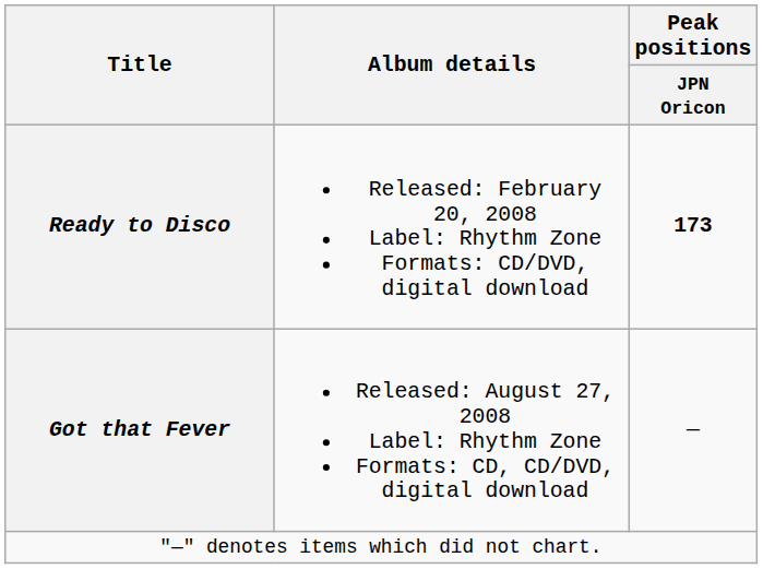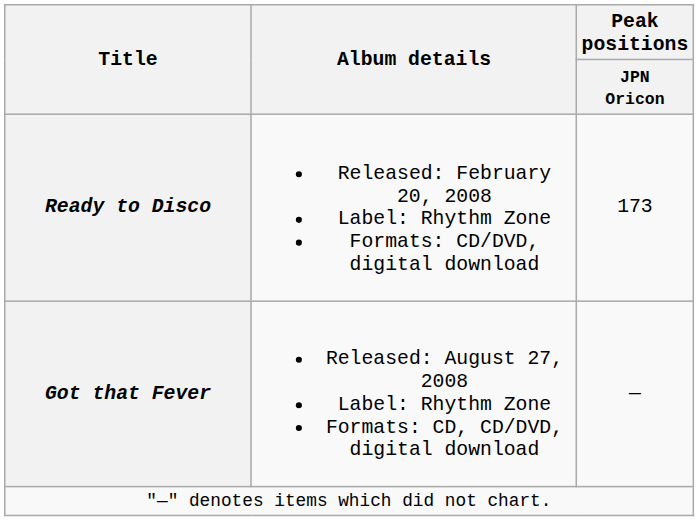 <table class="wikitable plainrowheaders" style="text-align:center;">
 <tr>
 <th style="width:12em;" rowspan="2">Title</th>
 <th style="width:16em;" rowspan="2">Album details</th>
 <th colspan="1">Peak positions</th>
 </tr>
 <tr>
 <th style="width:2.5em;"><small>JPN<br>Oricon</small><br></th>
 </tr>
 <tr>
 <th scope="row"><em>Ready to Disco</em></th>
 <td><br><ul><li>Released: February 20, 2008</li><li>Label: Rhythm Zone</li><li>Formats: CD/DVD, digital download</li></ul></td>
-<td><strong>173</strong></td>
+<td>173</td>
 </tr>
 <tr>
 <th scope="row"><em>Got that Fever</em></th>
 <td><br><ul><li>Released: August 27, 2008</li><li>Label: Rhythm Zone</li><li>Formats: CD, CD/DVD, digital download</li></ul></td>
 <td>—</td>
 </tr>
 <tr>
 <td colspan="12" align="center" style="font-size:90%;">"—" denotes items which did not chart.</td>
 </tr>
 </table>
